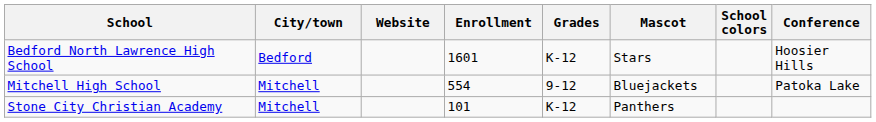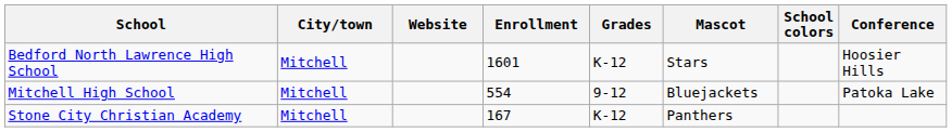 <table class="wikitable sortable" width="70%">
 <tr>
 <th width="20%">School</th>
 <th width="08%">City/town</th>
 <th width="06%">Website</th>
 <th width="04%">Enrollment</th>
 <th width="04%">Grades</th>
 <th width="04%">Mascot</th>
 <th width=01%>School colors</th>
 <th width="04%">Conference</th>
 </tr>
 <tr>
 <td><a href='#'>Bedford North Lawrence High School</a></td>
-<td><a href='#'>Bedford</a></td>
+<td><a href='#'>Mitchell</a></td>
 <td></td>
 <td>1601</td>
 <td>K-12</td>
 <td>Stars</td>
 <td>  </td>
 <td>Hoosier Hills</td>
 </tr>
 <tr>
 <td><a href='#'>Mitchell High School</a></td>
 <td><a href='#'>Mitchell</a></td>
 <td></td>
 <td>554</td>
 <td>9-12</td>
 <td>Bluejackets</td>
 <td>  </td>
 <td>Patoka Lake</td>
 </tr>
 <tr>
 <td><a href='#'>Stone City Christian Academy</a></td>
 <td><a href='#'>Mitchell</a></td>
 <td> </td>
-<td>101</td>
+<td>167</td>
 <td>K-12</td>
 <td>Panthers</td>
 <td> </td>
 <td></td>
 </tr>
 </table>
